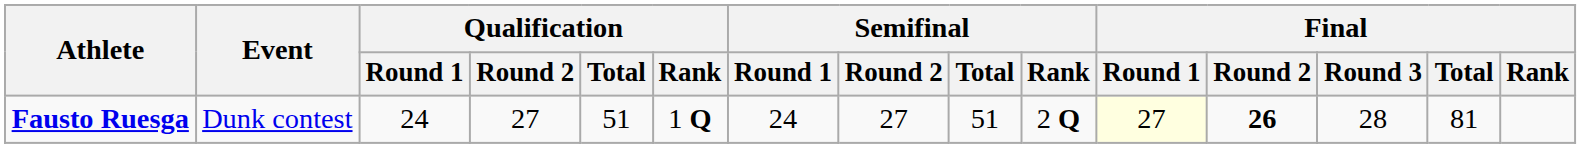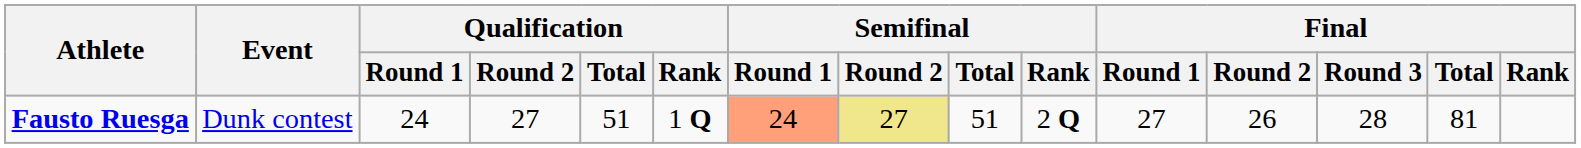 <table class="wikitable" style="font-size:90%;">
 <tr>
 <th rowspan=2>Athlete</th>
 <th rowspan=2>Event</th>
 <th colspan=4>Qualification</th>
 <th colspan=4>Semifinal</th>
 <th colspan=5>Final</th>
 </tr>
 <tr style="font-size:95%">
 <th>Round 1</th>
 <th>Round 2</th>
 <th>Total</th>
 <th>Rank</th>
 <th>Round 1</th>
 <th>Round 2</th>
 <th>Total</th>
 <th>Rank</th>
 <th>Round 1</th>
 <th>Round 2</th>
 <th>Round 3</th>
 <th>Total</th>
 <th>Rank</th>
 </tr>
 <tr align=center>
 <td align=left><strong><a href='#'>Fausto Ruesga</a></strong></td>
 <td align=left><a href='#'>Dunk contest</a></td>
 <td>24</td>
 <td>27</td>
 <td>51</td>
 <td>1 <strong>Q</strong></td>
-<td>24</td>
-<td>27</td>
+<td style="background: lightsalmon;">24</td>
+<td style="background: khaki;">27</td>
 <td>51</td>
 <td>2 <strong>Q</strong></td>
-<td style="background: lightyellow;">27</td>
-<td><strong>26</strong></td>
+<td>27</td>
+<td>26</td>
 <td>28</td>
 <td>81</td>
 <td></td>
 </tr>
 </table>
